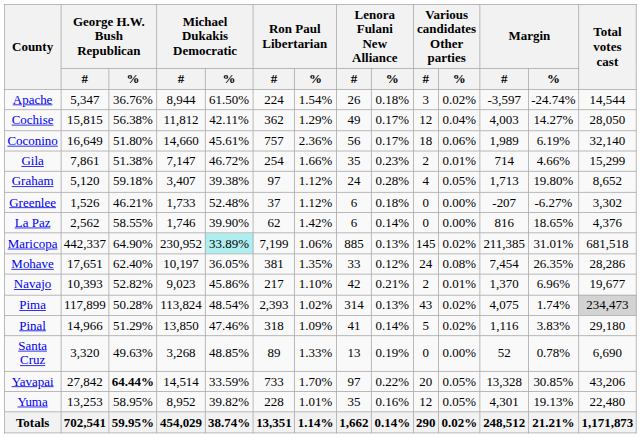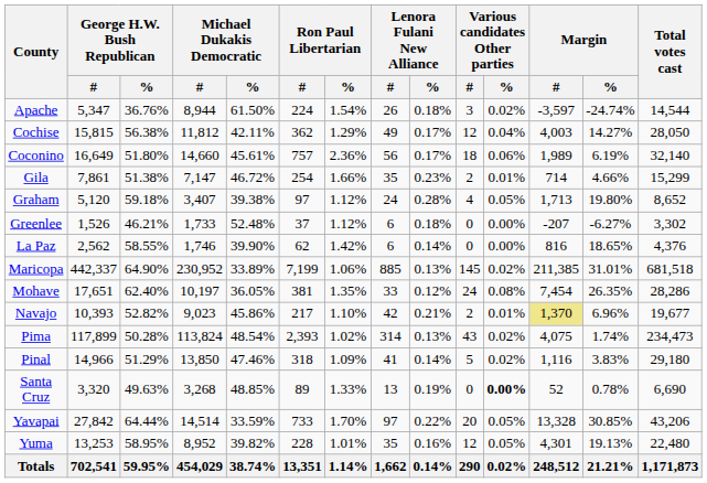 <table width="60%"  class="wikitable sortable" style="text-align:center">
 <tr>
 <th rowspan="2">County</th>
 <th style="text-align:center;" colspan="2">George H.W. Bush<br>Republican</th>
 <th style="text-align:center;" colspan="2">Michael Dukakis<br>Democratic</th>
 <th style="text-align:center;" colspan="2">Ron Paul<br>Libertarian</th>
 <th style="text-align:center;" colspan="2">Lenora Fulani<br>New Alliance</th>
 <th style="text-align:center;" colspan="2">Various candidates<br>Other parties</th>
 <th style="text-align:center;" colspan="2">Margin</th>
 <th rowspan="2" style="text-align:center;">Total votes cast</th>
 </tr>
 <tr>
 <th style="text-align:center;" data-sort-type="number">#</th>
 <th style="text-align:center;" data-sort-type="number">%</th>
 <th style="text-align:center;" data-sort-type="number">#</th>
 <th style="text-align:center;" data-sort-type="number">%</th>
 <th style="text-align:center;" data-sort-type="number">#</th>
 <th style="text-align:center;" data-sort-type="number">%</th>
 <th style="text-align:center;" data-sort-type="number">#</th>
 <th style="text-align:center;" data-sort-type="number">%</th>
 <th style="text-align:center;" data-sort-type="number">#</th>
 <th style="text-align:center;" data-sort-type="number">%</th>
 <th style="text-align:center;" data-sort-type="number">#</th>
 <th style="text-align:center;" data-sort-type="number">%</th>
 </tr>
 <tr style="text-align:center;">
 <td><a href='#'>Apache</a></td>
 <td>5,347</td>
 <td>36.76%</td>
 <td>8,944</td>
 <td>61.50%</td>
 <td>224</td>
 <td>1.54%</td>
 <td>26</td>
 <td>0.18%</td>
 <td>3</td>
 <td>0.02%</td>
 <td>-3,597</td>
 <td>-24.74%</td>
 <td>14,544</td>
 </tr>
 <tr style="text-align:center;">
 <td><a href='#'>Cochise</a></td>
 <td>15,815</td>
 <td>56.38%</td>
 <td>11,812</td>
 <td>42.11%</td>
 <td>362</td>
 <td>1.29%</td>
 <td>49</td>
 <td>0.17%</td>
 <td>12</td>
 <td>0.04%</td>
 <td>4,003</td>
 <td>14.27%</td>
 <td>28,050</td>
 </tr>
 <tr style="text-align:center;">
 <td><a href='#'>Coconino</a></td>
 <td>16,649</td>
 <td>51.80%</td>
 <td>14,660</td>
 <td>45.61%</td>
 <td>757</td>
 <td>2.36%</td>
 <td>56</td>
 <td>0.17%</td>
 <td>18</td>
 <td>0.06%</td>
 <td>1,989</td>
 <td>6.19%</td>
 <td>32,140</td>
 </tr>
 <tr style="text-align:center;">
 <td><a href='#'>Gila</a></td>
 <td>7,861</td>
 <td>51.38%</td>
 <td>7,147</td>
 <td>46.72%</td>
 <td>254</td>
 <td>1.66%</td>
 <td>35</td>
 <td>0.23%</td>
 <td>2</td>
 <td>0.01%</td>
 <td>714</td>
 <td>4.66%</td>
 <td>15,299</td>
 </tr>
 <tr style="text-align:center;">
 <td><a href='#'>Graham</a></td>
 <td>5,120</td>
 <td>59.18%</td>
 <td>3,407</td>
 <td>39.38%</td>
 <td>97</td>
 <td>1.12%</td>
 <td>24</td>
 <td>0.28%</td>
 <td>4</td>
 <td>0.05%</td>
 <td>1,713</td>
 <td>19.80%</td>
 <td>8,652</td>
 </tr>
 <tr style="text-align:center;">
 <td><a href='#'>Greenlee</a></td>
 <td>1,526</td>
 <td>46.21%</td>
 <td>1,733</td>
 <td>52.48%</td>
 <td>37</td>
 <td>1.12%</td>
 <td>6</td>
 <td>0.18%</td>
 <td>0</td>
 <td>0.00%</td>
 <td>-207</td>
 <td>-6.27%</td>
 <td>3,302</td>
 </tr>
 <tr style="text-align:center;">
 <td><a href='#'>La Paz</a></td>
 <td>2,562</td>
 <td>58.55%</td>
 <td>1,746</td>
 <td>39.90%</td>
 <td>62</td>
 <td>1.42%</td>
 <td>6</td>
 <td>0.14%</td>
 <td>0</td>
 <td>0.00%</td>
 <td>816</td>
 <td>18.65%</td>
 <td>4,376</td>
 </tr>
 <tr style="text-align:center;">
 <td><a href='#'>Maricopa</a></td>
 <td>442,337</td>
 <td>64.90%</td>
 <td>230,952</td>
-<td style="background: paleturquoise;">33.89%</td>
+<td>33.89%</td>
 <td>7,199</td>
 <td>1.06%</td>
 <td>885</td>
 <td>0.13%</td>
 <td>145</td>
 <td>0.02%</td>
 <td>211,385</td>
 <td>31.01%</td>
 <td>681,518</td>
 </tr>
 <tr style="text-align:center;">
 <td><a href='#'>Mohave</a></td>
 <td>17,651</td>
 <td>62.40%</td>
 <td>10,197</td>
 <td>36.05%</td>
 <td>381</td>
 <td>1.35%</td>
 <td>33</td>
 <td>0.12%</td>
 <td>24</td>
 <td>0.08%</td>
 <td>7,454</td>
 <td>26.35%</td>
 <td>28,286</td>
 </tr>
 <tr style="text-align:center;">
 <td><a href='#'>Navajo</a></td>
 <td>10,393</td>
 <td>52.82%</td>
 <td>9,023</td>
 <td>45.86%</td>
 <td>217</td>
 <td>1.10%</td>
 <td>42</td>
 <td>0.21%</td>
 <td>2</td>
 <td>0.01%</td>
-<td>1,370</td>
+<td style="background: khaki;">1,370</td>
 <td>6.96%</td>
 <td>19,677</td>
 </tr>
 <tr style="text-align:center;">
 <td><a href='#'>Pima</a></td>
 <td>117,899</td>
 <td>50.28%</td>
 <td>113,824</td>
 <td>48.54%</td>
 <td>2,393</td>
 <td>1.02%</td>
 <td>314</td>
 <td>0.13%</td>
 <td>43</td>
 <td>0.02%</td>
 <td>4,075</td>
 <td>1.74%</td>
-<td style="background: lightgrey;">234,473</td>
+<td>234,473</td>
 </tr>
 <tr style="text-align:center;">
 <td><a href='#'>Pinal</a></td>
 <td>14,966</td>
 <td>51.29%</td>
 <td>13,850</td>
 <td>47.46%</td>
 <td>318</td>
 <td>1.09%</td>
 <td>41</td>
 <td>0.14%</td>
 <td>5</td>
 <td>0.02%</td>
 <td>1,116</td>
 <td>3.83%</td>
 <td>29,180</td>
 </tr>
 <tr style="text-align:center;">
 <td><a href='#'>Santa Cruz</a></td>
 <td>3,320</td>
 <td>49.63%</td>
 <td>3,268</td>
 <td>48.85%</td>
 <td>89</td>
 <td>1.33%</td>
 <td>13</td>
 <td>0.19%</td>
 <td>0</td>
-<td>0.00%</td>
+<td><strong>0.00%</strong></td>
 <td>52</td>
 <td>0.78%</td>
 <td>6,690</td>
 </tr>
 <tr style="text-align:center;">
 <td><a href='#'>Yavapai</a></td>
 <td>27,842</td>
-<td><strong>64.44%</strong></td>
+<td>64.44%</td>
 <td>14,514</td>
 <td>33.59%</td>
 <td>733</td>
 <td>1.70%</td>
 <td>97</td>
 <td>0.22%</td>
 <td>20</td>
 <td>0.05%</td>
 <td>13,328</td>
 <td>30.85%</td>
 <td>43,206</td>
 </tr>
 <tr style="text-align:center;">
 <td><a href='#'>Yuma</a></td>
 <td>13,253</td>
 <td>58.95%</td>
 <td>8,952</td>
 <td>39.82%</td>
 <td>228</td>
 <td>1.01%</td>
 <td>35</td>
 <td>0.16%</td>
 <td>12</td>
 <td>0.05%</td>
 <td>4,301</td>
 <td>19.13%</td>
 <td>22,480</td>
 </tr>
 <tr style="text-align:center;">
 <th>Totals</th>
 <th>702,541</th>
 <th>59.95%</th>
 <th>454,029</th>
 <th>38.74%</th>
 <th>13,351</th>
 <th>1.14%</th>
 <th>1,662</th>
 <th>0.14%</th>
 <th>290</th>
 <th>0.02%</th>
 <th>248,512</th>
 <th>21.21%</th>
 <th>1,171,873</th>
 </tr>
 </table>
